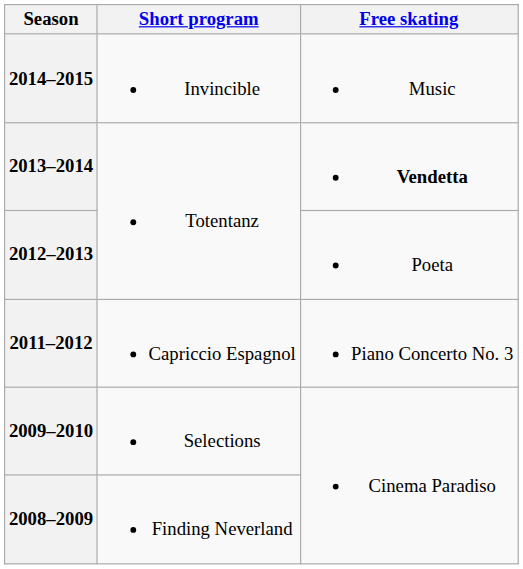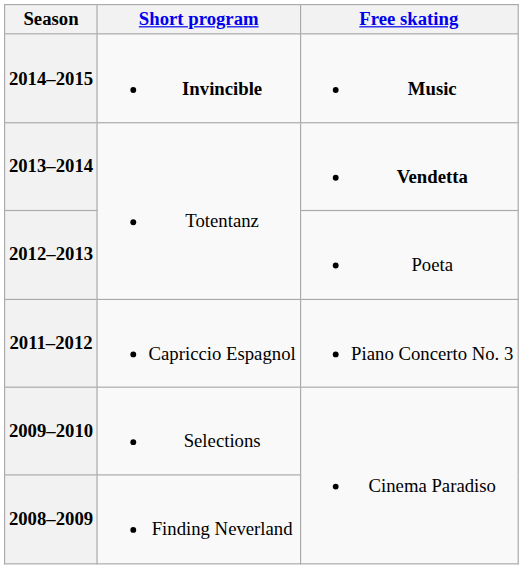 <table class=wikitable style=text-align:center>
 <tr>
 <th>Season</th>
 <th><a href='#'>Short program</a></th>
 <th><a href='#'>Free skating</a></th>
 </tr>
 <tr>
 <th>2014–2015 <br> </th>
-<td><br><ul><li>Invincible</li></ul></td>
-<td><br><ul><li>Music <br></li></ul></td>
+<td><strong><br><ul><li>Invincible</li></ul></strong></td>
+<td><strong><br><ul><li>Music <br></li></ul></strong></td>
 </tr>
 <tr>
 <th>2013–2014 <br> </th>
 <td rowspan=2><br><ul><li>Totentanz <br></li></ul></td>
 <td><strong><br><ul><li>Vendetta <br></li></ul></strong></td>
 </tr>
 <tr>
 <th>2012–2013 <br> </th>
 <td><br><ul><li>Poeta <br></li></ul></td>
 </tr>
 <tr>
 <th>2011–2012 <br> </th>
 <td><br><ul><li>Capriccio Espagnol <br></li></ul></td>
 <td><br><ul><li>Piano Concerto No. 3 <br></li></ul></td>
 </tr>
 <tr>
 <th>2009–2010 <br> </th>
 <td><br><ul><li>Selections <br></li></ul></td>
 <td rowspan=2><br><ul><li>Cinema Paradiso <br></li></ul></td>
 </tr>
 <tr>
 <th>2008–2009 <br> </th>
 <td><br><ul><li>Finding Neverland <br></li></ul></td>
 </tr>
 </table>
